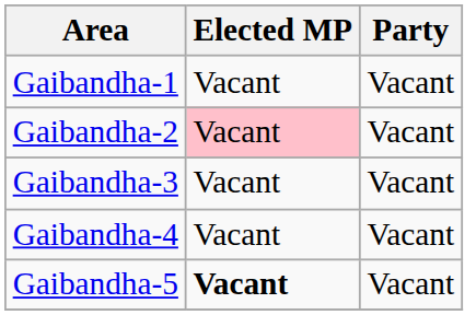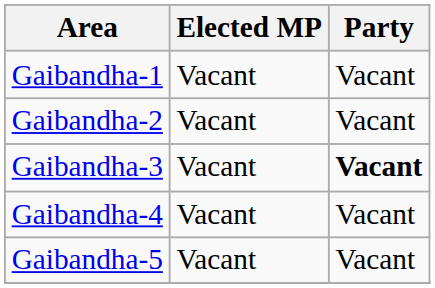 <table class="wikitable sortable mw-collapsible">
 <tr>
 <th>Area</th>
 <th>Elected MP</th>
 <th>Party</th>
 </tr>
 <tr>
 <td><a href='#'>Gaibandha-1</a></td>
 <td>Vacant</td>
 <td>Vacant</td>
 </tr>
 <tr>
 <td><a href='#'>Gaibandha-2</a></td>
-<td style="background: pink;">Vacant</td>
+<td>Vacant</td>
 <td>Vacant</td>
 </tr>
 <tr>
 <td><a href='#'>Gaibandha-3</a></td>
 <td>Vacant</td>
-<td>Vacant</td>
+<td><strong>Vacant</strong></td>
 </tr>
 <tr>
 <td><a href='#'>Gaibandha-4</a></td>
 <td>Vacant</td>
 <td>Vacant</td>
 </tr>
 <tr>
 <td><a href='#'>Gaibandha-5</a></td>
-<td><strong>Vacant</strong></td>
+<td>Vacant</td>
 <td>Vacant</td>
 </tr>
 <tr>
 </tr>
 </table>
